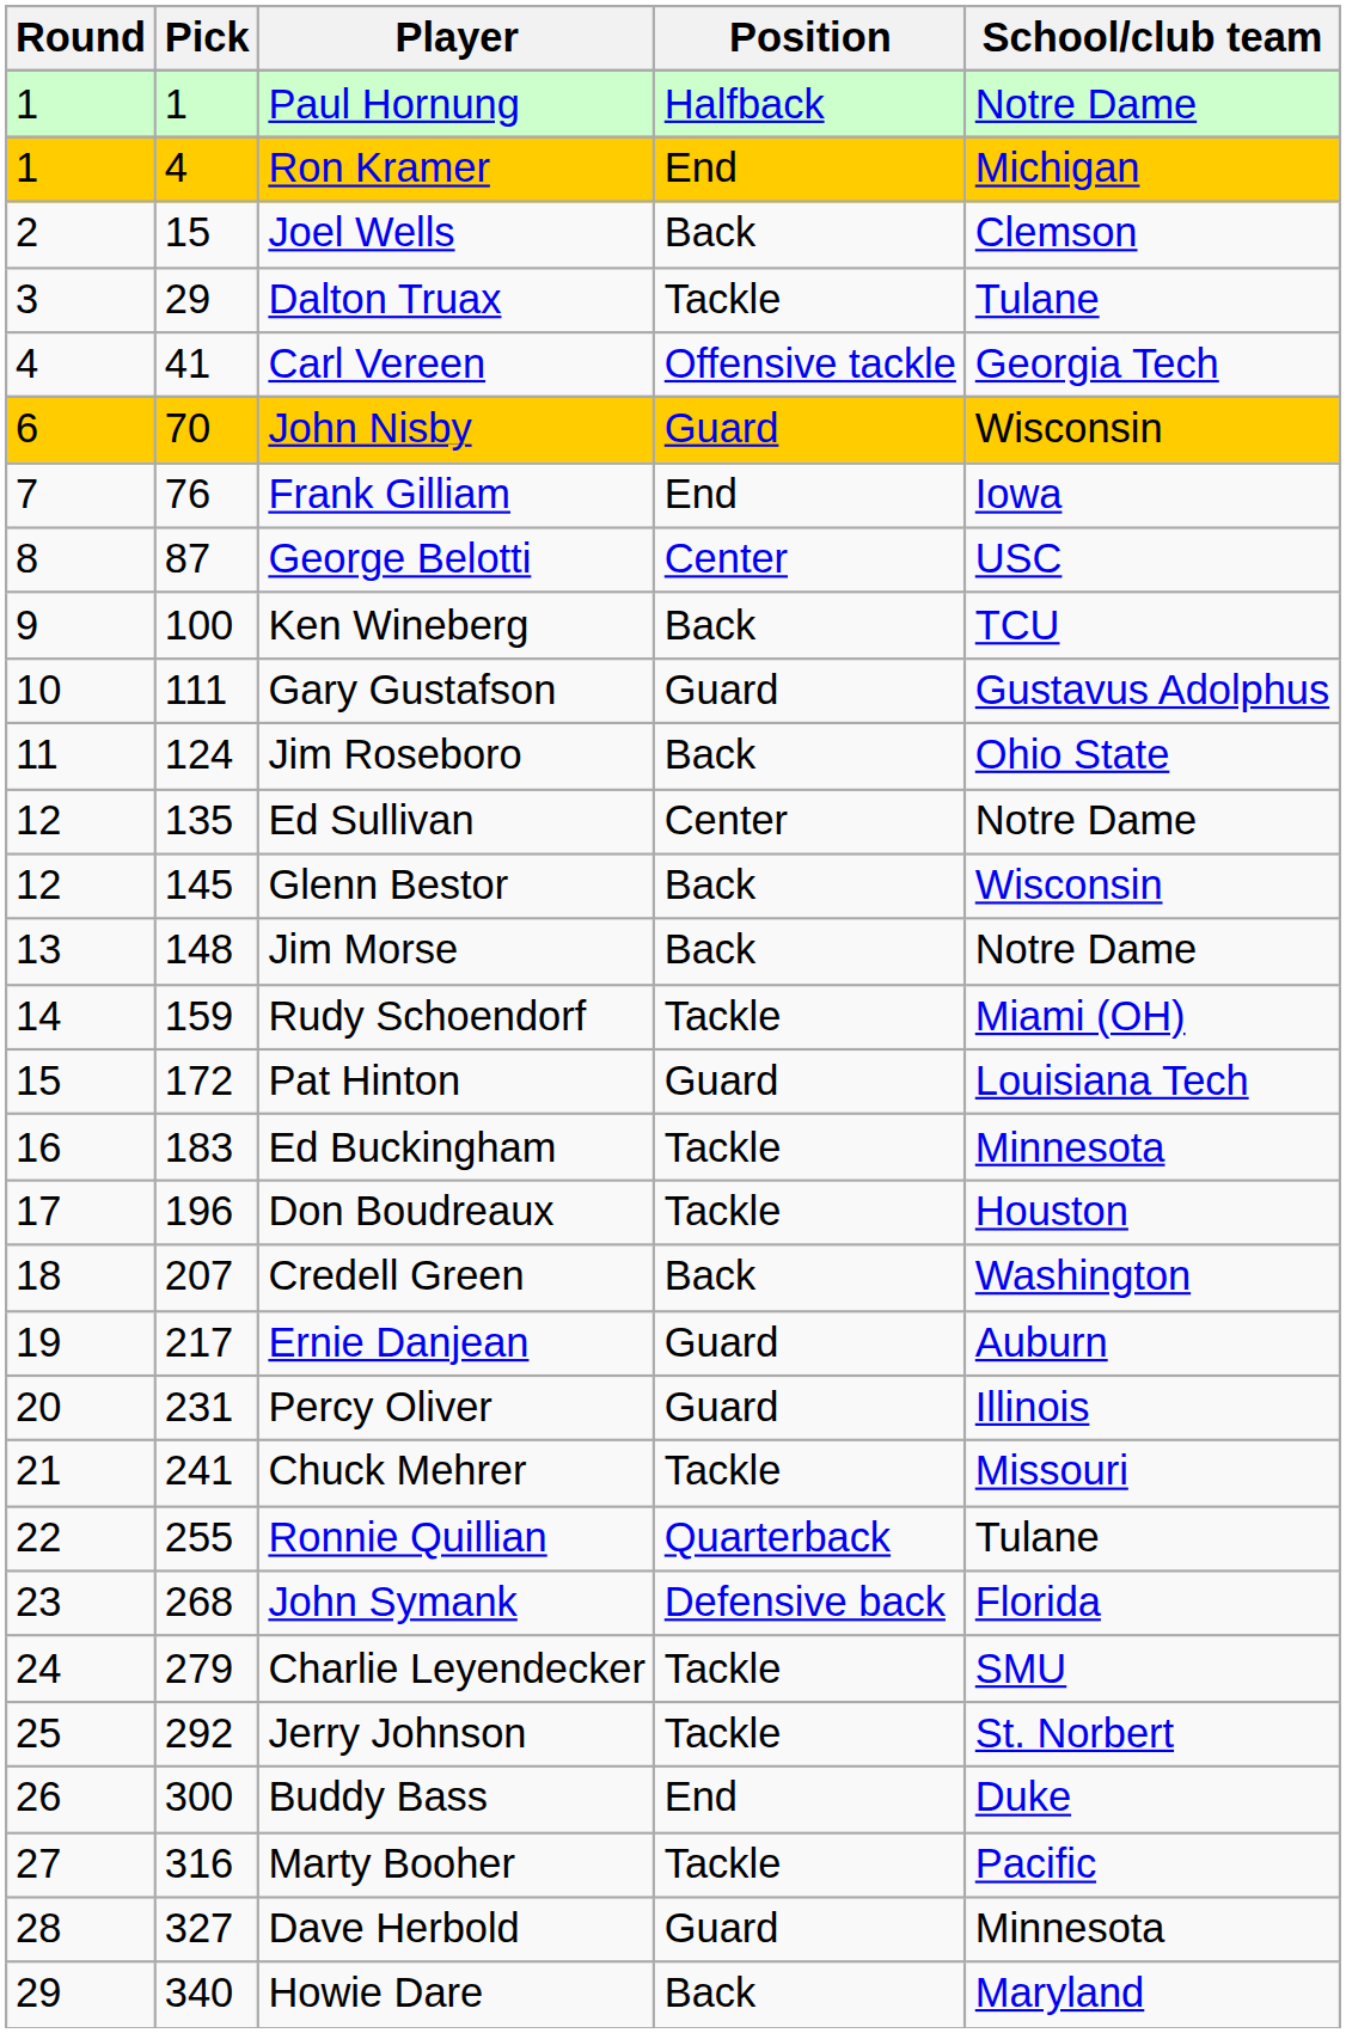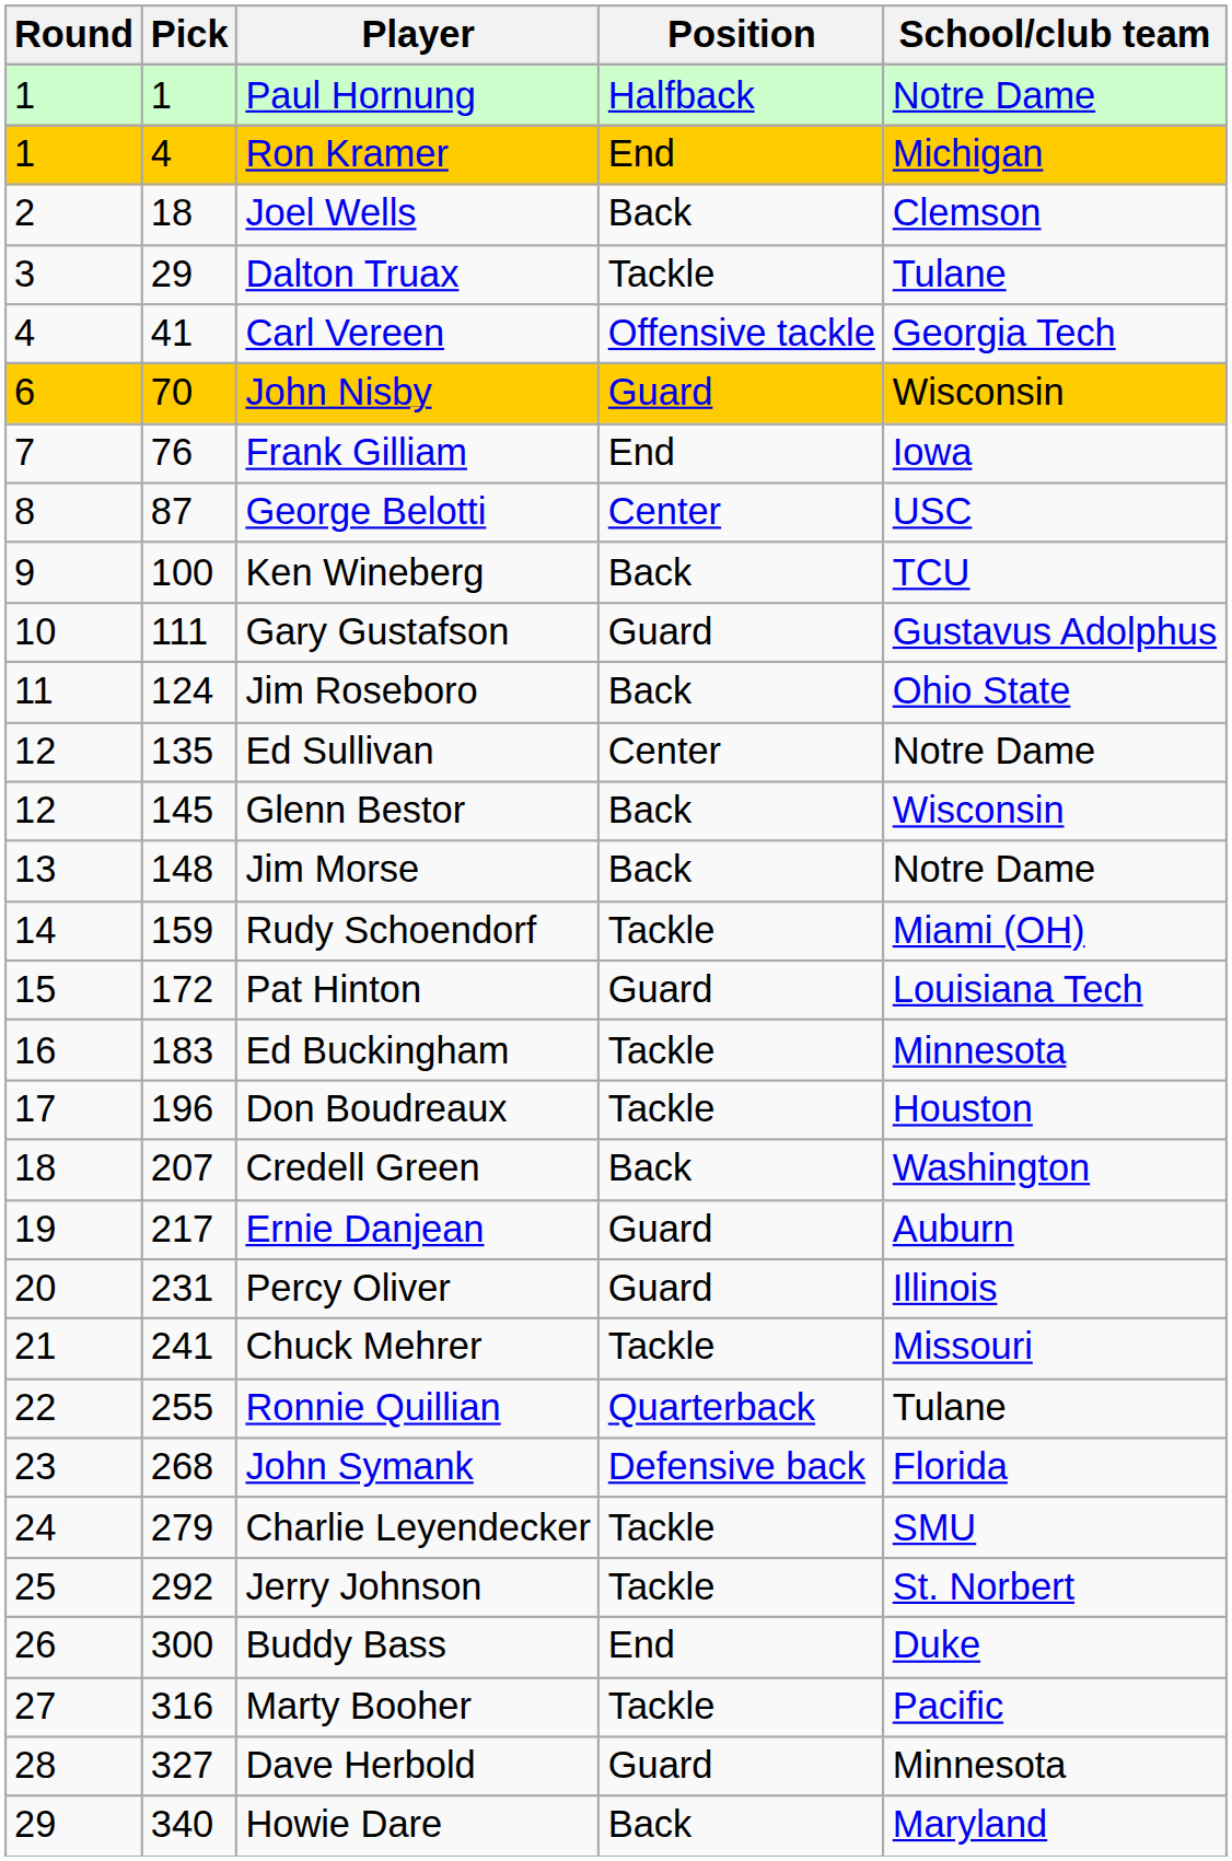 <table class="wikitable sortable sortable">
 <tr>
 <th>Round</th>
 <th>Pick</th>
 <th>Player</th>
 <th>Position</th>
 <th>School/club team</th>
 </tr>
 <tr>
 </tr>
 <tr bgcolor="#CCFFCC">
 <td>1</td>
 <td>1</td>
 <td><a href='#'>Paul Hornung</a></td>
 <td><a href='#'>Halfback</a></td>
 <td><a href='#'>Notre Dame</a></td>
 </tr>
 <tr>
 </tr>
 <tr bgcolor="#FFCC00">
 <td>1</td>
 <td>4</td>
 <td><a href='#'>Ron Kramer</a></td>
 <td>End</td>
 <td><a href='#'>Michigan</a></td>
 </tr>
 <tr>
 <td>2</td>
-<td>15</td>
+<td>18</td>
 <td><a href='#'>Joel Wells</a></td>
 <td>Back</td>
 <td><a href='#'>Clemson</a></td>
 </tr>
 <tr>
 <td>3</td>
 <td>29</td>
 <td><a href='#'>Dalton Truax</a></td>
 <td>Tackle</td>
 <td><a href='#'>Tulane</a></td>
 </tr>
 <tr>
 <td>4</td>
 <td>41</td>
 <td><a href='#'>Carl Vereen</a></td>
 <td><a href='#'>Offensive tackle</a></td>
 <td><a href='#'>Georgia Tech</a></td>
 </tr>
 <tr>
 </tr>
 <tr bgcolor="#FFCC00">
 <td>6</td>
 <td>70</td>
 <td><a href='#'>John Nisby</a></td>
 <td><a href='#'>Guard</a></td>
 <td>Wisconsin</td>
 </tr>
 <tr>
 <td>7</td>
 <td>76</td>
 <td><a href='#'>Frank Gilliam</a></td>
 <td>End</td>
 <td><a href='#'>Iowa</a></td>
 </tr>
 <tr>
 <td>8</td>
 <td>87</td>
 <td><a href='#'>George Belotti</a></td>
 <td><a href='#'>Center</a></td>
 <td><a href='#'>USC</a></td>
 </tr>
 <tr>
 <td>9</td>
 <td>100</td>
 <td>Ken Wineberg</td>
 <td>Back</td>
 <td><a href='#'>TCU</a></td>
 </tr>
 <tr>
 <td>10</td>
 <td>111</td>
 <td>Gary Gustafson</td>
 <td>Guard</td>
 <td><a href='#'>Gustavus Adolphus</a></td>
 </tr>
 <tr>
 <td>11</td>
 <td>124</td>
 <td>Jim Roseboro</td>
 <td>Back</td>
 <td><a href='#'>Ohio State</a></td>
 </tr>
 <tr>
 <td>12</td>
 <td>135</td>
 <td>Ed Sullivan</td>
 <td>Center</td>
 <td>Notre Dame</td>
 </tr>
 <tr>
 <td>12</td>
 <td>145</td>
 <td>Glenn Bestor</td>
 <td>Back</td>
 <td><a href='#'>Wisconsin</a></td>
 </tr>
 <tr>
 <td>13</td>
 <td>148</td>
 <td>Jim Morse</td>
 <td>Back</td>
 <td>Notre Dame</td>
 </tr>
 <tr>
 <td>14</td>
 <td>159</td>
 <td>Rudy Schoendorf</td>
 <td>Tackle</td>
 <td><a href='#'>Miami (OH)</a></td>
 </tr>
 <tr>
 <td>15</td>
 <td>172</td>
 <td>Pat Hinton</td>
 <td>Guard</td>
 <td><a href='#'>Louisiana Tech</a></td>
 </tr>
 <tr>
 <td>16</td>
 <td>183</td>
 <td>Ed Buckingham</td>
 <td>Tackle</td>
 <td><a href='#'>Minnesota</a></td>
 </tr>
 <tr>
 <td>17</td>
 <td>196</td>
 <td>Don Boudreaux</td>
 <td>Tackle</td>
 <td><a href='#'>Houston</a></td>
 </tr>
 <tr>
 <td>18</td>
 <td>207</td>
 <td>Credell Green</td>
 <td>Back</td>
 <td><a href='#'>Washington</a></td>
 </tr>
 <tr>
 <td>19</td>
 <td>217</td>
 <td><a href='#'>Ernie Danjean</a></td>
 <td>Guard</td>
 <td><a href='#'>Auburn</a></td>
 </tr>
 <tr>
 <td>20</td>
 <td>231</td>
 <td>Percy Oliver</td>
 <td>Guard</td>
 <td><a href='#'>Illinois</a></td>
 </tr>
 <tr>
 <td>21</td>
 <td>241</td>
 <td>Chuck Mehrer</td>
 <td>Tackle</td>
 <td><a href='#'>Missouri</a></td>
 </tr>
 <tr>
 <td>22</td>
 <td>255</td>
 <td><a href='#'>Ronnie Quillian</a></td>
 <td><a href='#'>Quarterback</a></td>
 <td>Tulane</td>
 </tr>
 <tr>
 <td>23</td>
 <td>268</td>
 <td><a href='#'>John Symank</a></td>
 <td><a href='#'>Defensive back</a></td>
 <td><a href='#'>Florida</a></td>
 </tr>
 <tr>
 <td>24</td>
 <td>279</td>
 <td>Charlie Leyendecker</td>
 <td>Tackle</td>
 <td><a href='#'>SMU</a></td>
 </tr>
 <tr>
 <td>25</td>
 <td>292</td>
 <td>Jerry Johnson</td>
 <td>Tackle</td>
 <td><a href='#'>St. Norbert</a></td>
 </tr>
 <tr>
 <td>26</td>
 <td>300</td>
 <td>Buddy Bass</td>
 <td>End</td>
 <td><a href='#'>Duke</a></td>
 </tr>
 <tr>
 <td>27</td>
 <td>316</td>
 <td>Marty Booher</td>
 <td>Tackle</td>
 <td><a href='#'>Pacific</a></td>
 </tr>
 <tr>
 <td>28</td>
 <td>327</td>
 <td>Dave Herbold</td>
 <td>Guard</td>
 <td>Minnesota</td>
 </tr>
 <tr>
 <td>29</td>
 <td>340</td>
 <td>Howie Dare</td>
 <td>Back</td>
 <td><a href='#'>Maryland</a></td>
 </tr>
 </table>
